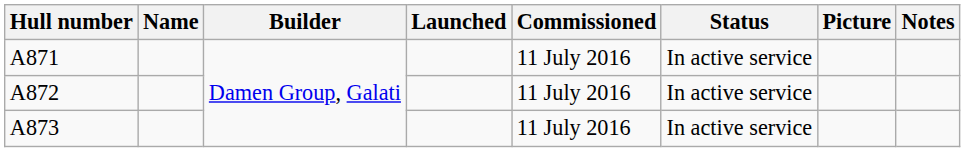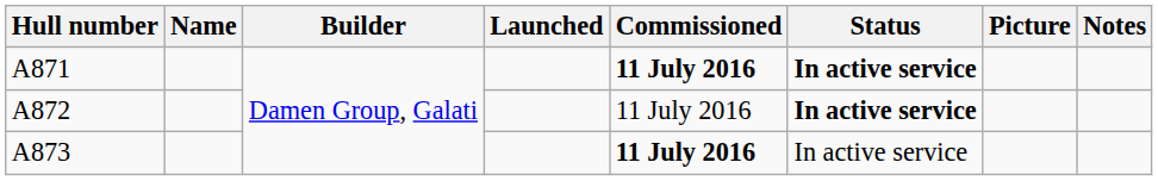 <table class="wikitable">
 <tr>
 <th>Hull number</th>
 <th>Name</th>
 <th>Builder</th>
 <th>Launched</th>
 <th>Commissioned</th>
 <th>Status</th>
 <th>Picture</th>
 <th>Notes</th>
 </tr>
 <tr>
 <td>A871</td>
 <td></td>
 <td rowspan=3 align=center><a href='#'>Damen Group</a>, <a href='#'>Galati</a></td>
 <td></td>
-<td>11 July 2016</td>
-<td>In active service</td>
+<td><strong>11 July 2016</strong></td>
+<td><strong>In active service</strong></td>
 <td></td>
 <td></td>
 </tr>
 <tr>
 <td>A872</td>
 <td></td>
 <td></td>
 <td>11 July 2016</td>
-<td>In active service</td>
+<td><strong>In active service</strong></td>
 <td></td>
 <td></td>
 </tr>
 <tr>
 <td>A873</td>
 <td></td>
 <td></td>
-<td>11 July 2016</td>
+<td><strong>11 July 2016</strong></td>
 <td>In active service</td>
 <td></td>
 <td></td>
 </tr>
 </table>
